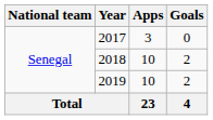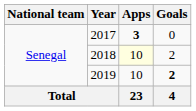 <table class="wikitable" style="text-align:center">
 <tr>
 <th>National team</th>
 <th>Year</th>
 <th>Apps</th>
 <th>Goals</th>
 </tr>
 <tr>
 <td rowspan="3"><a href='#'>Senegal</a></td>
 <td>2017</td>
-<td>3</td>
+<td><strong>3</strong></td>
 <td>0</td>
 </tr>
 <tr>
 <td>2018</td>
-<td>10</td>
+<td style="background: lightyellow;">10</td>
 <td>2</td>
 </tr>
 <tr>
 <td>2019</td>
 <td>10</td>
-<td>2</td>
+<td><strong>2</strong></td>
 </tr>
 <tr>
 <th colspan="2">Total</th>
 <th>23</th>
 <th>4</th>
 </tr>
 </table>
